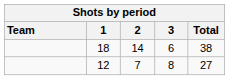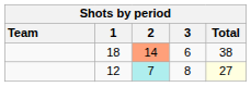 <table class="wikitable" style="width:20em; text-align:right;">
 <tr>
 <th colspan=6>Shots by period</th>
 </tr>
 <tr>
 <th style="width:8em; text-align:left;">Team</th>
 <th style="width:3em;">1</th>
 <th style="width:3em;">2</th>
 <th style="width:3em;">3</th>
 <th style="width:3em;">Total</th>
 </tr>
 <tr>
 <td style="text-align:left;"></td>
 <td align=center>18</td>
-<td align=center>14</td>
+<td align=center style="background: lightsalmon;">14</td>
 <td align=center>6</td>
 <td align=center>38</td>
 </tr>
 <tr>
 <td style="text-align:left;"></td>
 <td align=center>12</td>
-<td align=center>7</td>
+<td align=center style="background: paleturquoise;">7</td>
 <td align=center>8</td>
-<td align=center>27</td>
+<td align=center style="background: lightyellow;">27</td>
 </tr>
 </table>
